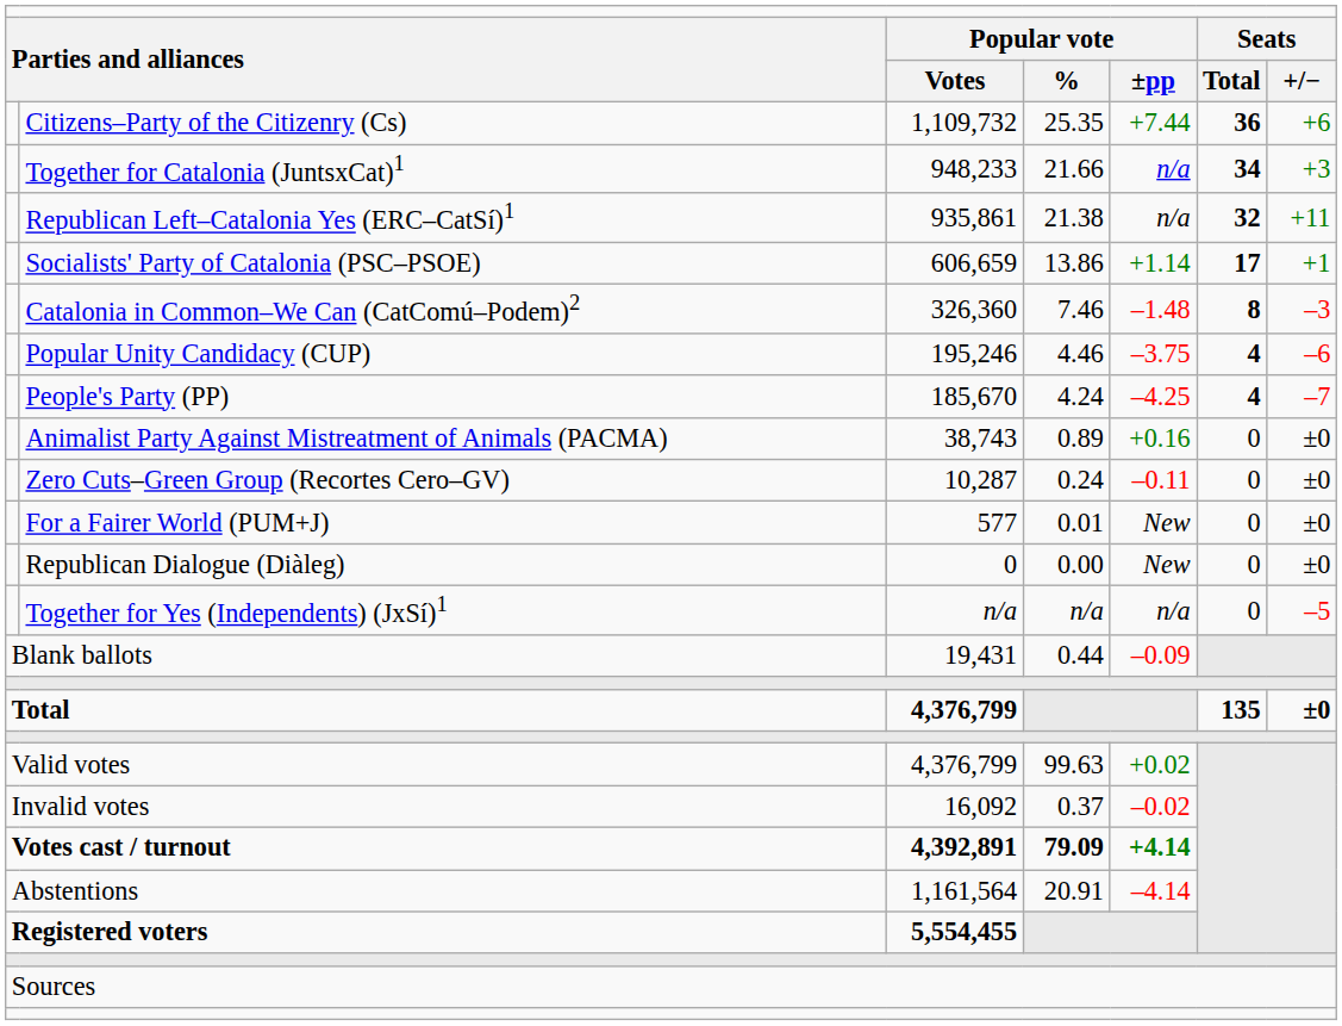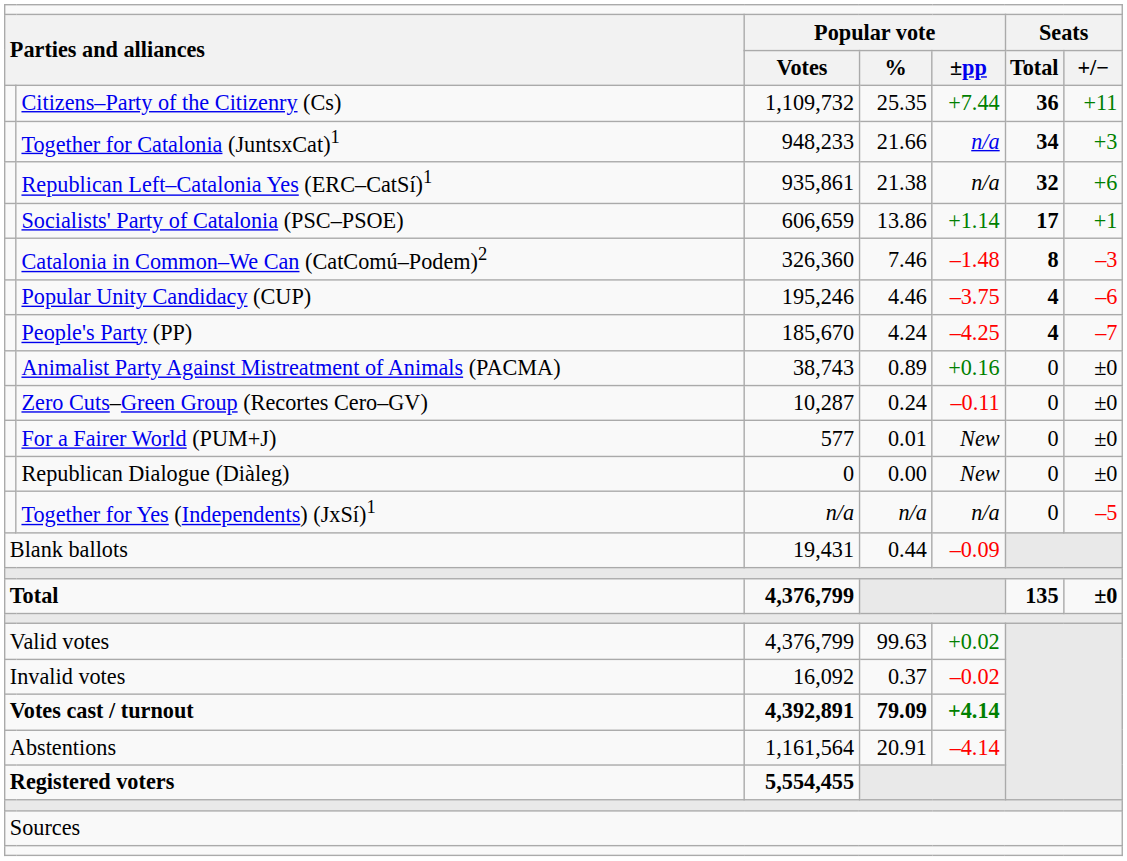 <table class="wikitable" style="text-align:right;">
 <tr>
 <td colspan="7"></td>
 </tr>
 <tr>
 <th style="text-align:left;" rowspan="2" colspan="2" width="525">Parties and alliances</th>
 <th colspan="3">Popular vote</th>
 <th colspan="2">Seats</th>
 </tr>
 <tr>
 <th width="75">Votes</th>
 <th width="45">%</th>
 <th width="45">±<a href='#'>pp</a></th>
 <th width="35">Total</th>
 <th width="35">+/−</th>
 </tr>
 <tr>
 <td width="1" style="color:inherit;background:"></td>
 <td align="left"><a href='#'>Citizens–Party of the Citizenry</a> (Cs)</td>
 <td>1,109,732</td>
 <td>25.35</td>
 <td style="color:green;">+7.44</td>
 <td><strong>36</strong></td>
-<td style="color:green;">+6</td>
+<td style="color:green;">+11</td>
 </tr>
 <tr>
 <td style="color:inherit;background:"></td>
 <td align="left"><a href='#'>Together for Catalonia</a> (JuntsxCat)<sup>1</sup></td>
 <td>948,233</td>
 <td>21.66</td>
 <td><em><a href='#'>n/a</a></em></td>
 <td><strong>34</strong></td>
 <td style="color:green;">+3</td>
 </tr>
 <tr>
 <td style="color:inherit;background:"></td>
 <td align="left"><a href='#'>Republican Left–Catalonia Yes</a> (ERC–CatSí)<sup>1</sup></td>
 <td>935,861</td>
 <td>21.38</td>
 <td><em>n/a</em></td>
 <td><strong>32</strong></td>
-<td style="color:green;">+11</td>
+<td style="color:green;">+6</td>
 </tr>
 <tr>
 <td style="color:inherit;background:"></td>
 <td align="left"><a href='#'>Socialists' Party of Catalonia</a> (PSC–PSOE)</td>
 <td>606,659</td>
 <td>13.86</td>
 <td style="color:green;">+1.14</td>
 <td><strong>17</strong></td>
 <td style="color:green;">+1</td>
 </tr>
 <tr>
 <td style="color:inherit;background:"></td>
 <td align="left"><a href='#'>Catalonia in Common–We Can</a> (CatComú–Podem)<sup>2</sup></td>
 <td>326,360</td>
 <td>7.46</td>
 <td style="color:red;">–1.48</td>
 <td><strong>8</strong></td>
 <td style="color:red;">–3</td>
 </tr>
 <tr>
 <td style="color:inherit;background:"></td>
 <td align="left"><a href='#'>Popular Unity Candidacy</a> (CUP)</td>
 <td>195,246</td>
 <td>4.46</td>
 <td style="color:red;">–3.75</td>
 <td><strong>4</strong></td>
 <td style="color:red;">–6</td>
 </tr>
 <tr>
 <td style="color:inherit;background:"></td>
 <td align="left"><a href='#'>People's Party</a> (PP)</td>
 <td>185,670</td>
 <td>4.24</td>
 <td style="color:red;">–4.25</td>
 <td><strong>4</strong></td>
 <td style="color:red;">–7</td>
 </tr>
 <tr>
 <td style="color:inherit;background:"></td>
 <td align="left"><a href='#'>Animalist Party Against Mistreatment of Animals</a> (PACMA)</td>
 <td>38,743</td>
 <td>0.89</td>
 <td style="color:green;">+0.16</td>
 <td>0</td>
 <td>±0</td>
 </tr>
 <tr>
 <td style="color:inherit;background:"></td>
 <td align="left"><a href='#'>Zero Cuts</a>–<a href='#'>Green Group</a> (Recortes Cero–GV)</td>
 <td>10,287</td>
 <td>0.24</td>
 <td style="color:red;">–0.11</td>
 <td>0</td>
 <td>±0</td>
 </tr>
 <tr>
 <td style="color:inherit;background:"></td>
 <td align="left"><a href='#'>For a Fairer World</a> (PUM+J)</td>
 <td>577</td>
 <td>0.01</td>
 <td><em>New</em></td>
 <td>0</td>
 <td>±0</td>
 </tr>
 <tr>
 <td style="color:inherit;background:"></td>
 <td align="left">Republican Dialogue (Diàleg)</td>
 <td>0</td>
 <td>0.00</td>
 <td><em>New</em></td>
 <td>0</td>
 <td>±0</td>
 </tr>
 <tr>
 <td style="color:inherit;background:"></td>
 <td align="left"><a href='#'>Together for Yes</a> (<a href='#'>Independents</a>) (JxSí)<sup>1</sup></td>
 <td><em>n/a</em></td>
 <td><em>n/a</em></td>
 <td><em>n/a</em></td>
 <td>0</td>
 <td style="color:red;">–5</td>
 </tr>
 <tr>
 <td align="left" colspan="2">Blank ballots</td>
 <td>19,431</td>
 <td>0.44</td>
 <td style="color:red;">–0.09</td>
 <td bgcolor="#E9E9E9" colspan="2"></td>
 </tr>
 <tr>
 <td colspan="7" bgcolor="#E9E9E9"></td>
 </tr>
 <tr style="font-weight:bold;">
 <td align="left" colspan="2">Total</td>
 <td>4,376,799</td>
 <td bgcolor="#E9E9E9" colspan="2"></td>
 <td>135</td>
 <td>±0</td>
 </tr>
 <tr>
 <td colspan="7" bgcolor="#E9E9E9"></td>
 </tr>
 <tr>
 <td align="left" colspan="2">Valid votes</td>
 <td>4,376,799</td>
 <td>99.63</td>
 <td style="color:green;">+0.02</td>
 <td bgcolor="#E9E9E9" colspan="2" rowspan="5"></td>
 </tr>
 <tr>
 <td align="left" colspan="2">Invalid votes</td>
 <td>16,092</td>
 <td>0.37</td>
 <td style="color:red;">–0.02</td>
 </tr>
 <tr style="font-weight:bold;">
 <td align="left" colspan="2">Votes cast / turnout</td>
 <td>4,392,891</td>
 <td>79.09</td>
 <td style="color:green;">+4.14</td>
 </tr>
 <tr>
 <td align="left" colspan="2">Abstentions</td>
 <td>1,161,564</td>
 <td>20.91</td>
 <td style="color:red;">–4.14</td>
 </tr>
 <tr style="font-weight:bold;">
 <td align="left" colspan="2">Registered voters</td>
 <td>5,554,455</td>
 <td bgcolor="#E9E9E9" colspan="2"></td>
 </tr>
 <tr>
 <td colspan="7" bgcolor="#E9E9E9"></td>
 </tr>
 <tr>
 <td align="left" colspan="7">Sources</td>
 </tr>
 <tr>
 <td colspan="7" style="text-align:left; max-width:790px;"></td>
 </tr>
 </table>
